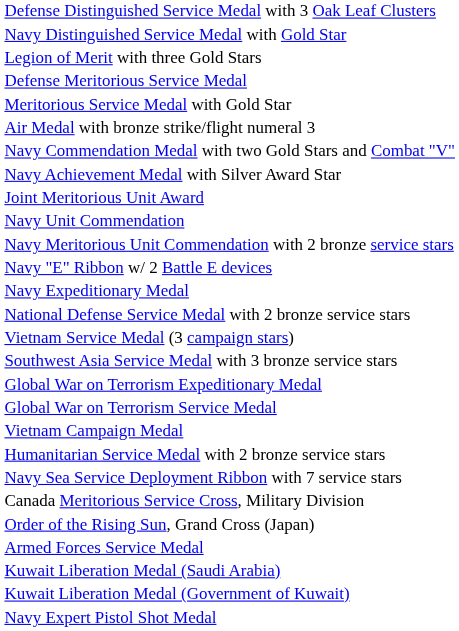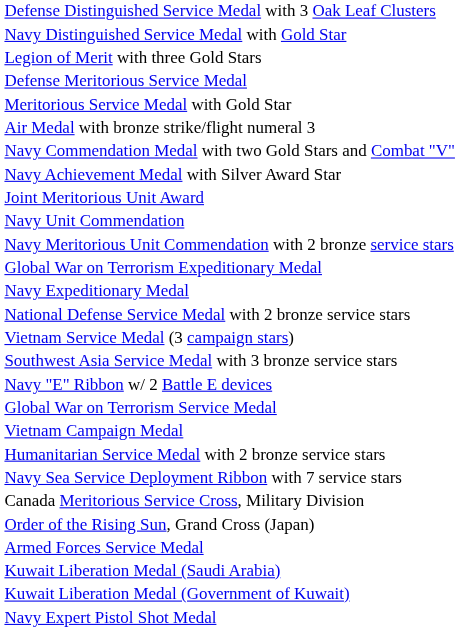 <table>
 <tr>
 <td></td>
 </tr>
 <tr>
 <td></td>
 </tr>
 <tr>
 <td></td>
 <td><a href='#'>Defense Distinguished Service Medal</a> with 3 <a href='#'>Oak Leaf Clusters</a></td>
 </tr>
 <tr>
 <td></td>
 <td><a href='#'>Navy Distinguished Service Medal</a> with <a href='#'>Gold Star</a></td>
 </tr>
 <tr>
 <td></td>
 <td><a href='#'>Legion of Merit</a> with three Gold Stars</td>
 </tr>
 <tr>
 <td></td>
 <td><a href='#'>Defense Meritorious Service Medal</a></td>
 </tr>
 <tr>
 <td></td>
 <td><a href='#'>Meritorious Service Medal</a> with Gold Star</td>
 </tr>
 <tr>
 <td><span></span></td>
 <td><a href='#'>Air Medal</a> with bronze strike/flight numeral 3</td>
 </tr>
 <tr>
 <td></td>
 <td><a href='#'>Navy Commendation Medal</a> with two Gold Stars and <a href='#'>Combat "V"</a></td>
 </tr>
 <tr>
 <td></td>
 <td><a href='#'>Navy Achievement Medal</a> with Silver Award Star</td>
 </tr>
 <tr>
 <td></td>
 <td><a href='#'>Joint Meritorious Unit Award</a></td>
 </tr>
 <tr>
 <td></td>
 <td><a href='#'>Navy Unit Commendation</a></td>
 </tr>
 <tr>
 <td></td>
 <td><a href='#'>Navy Meritorious Unit Commendation</a> with 2 bronze <a href='#'>service stars</a></td>
 </tr>
 <tr>
 <td></td>
-<td><a href='#'>Navy "E" Ribbon</a> w/ 2 <a href='#'>Battle E devices</a></td>
+<td><a href='#'>Global War on Terrorism Expeditionary Medal</a></td>
 </tr>
 <tr>
 <td></td>
 <td><a href='#'>Navy Expeditionary Medal</a></td>
 </tr>
 <tr>
 <td></td>
 <td><a href='#'>National Defense Service Medal</a> with 2 bronze service stars</td>
 </tr>
 <tr>
 <td></td>
 <td><a href='#'>Vietnam Service Medal</a> (3 <a href='#'>campaign stars</a>)</td>
 </tr>
 <tr>
 <td></td>
 <td><a href='#'>Southwest Asia Service Medal</a> with 3 bronze service stars</td>
 </tr>
 <tr>
 <td></td>
-<td><a href='#'>Global War on Terrorism Expeditionary Medal</a></td>
+<td><a href='#'>Navy "E" Ribbon</a> w/ 2 <a href='#'>Battle E devices</a></td>
 </tr>
 <tr>
 <td></td>
 <td><a href='#'>Global War on Terrorism Service Medal</a></td>
 </tr>
 <tr>
 <td></td>
 <td><a href='#'>Vietnam Campaign Medal</a></td>
 </tr>
 <tr>
 <td></td>
 <td><a href='#'>Humanitarian Service Medal</a> with 2 bronze service stars</td>
 </tr>
 <tr>
 <td></td>
 <td><a href='#'>Navy Sea Service Deployment Ribbon</a> with 7 service stars</td>
 </tr>
 <tr>
 <td></td>
 <td>Canada <a href='#'>Meritorious Service Cross</a>, Military Division</td>
 </tr>
 <tr>
 <td></td>
 <td><a href='#'>Order of the Rising Sun</a>, Grand Cross (Japan)</td>
 </tr>
 <tr>
 <td></td>
 <td><a href='#'>Armed Forces Service Medal</a></td>
 </tr>
 <tr>
 <td></td>
 <td><a href='#'>Kuwait Liberation Medal (Saudi Arabia)</a></td>
 </tr>
 <tr>
 <td></td>
 <td><a href='#'>Kuwait Liberation Medal (Government of Kuwait)</a></td>
 </tr>
 <tr>
 <td></td>
 <td><a href='#'>Navy Expert Pistol Shot Medal</a></td>
 </tr>
 </table>
